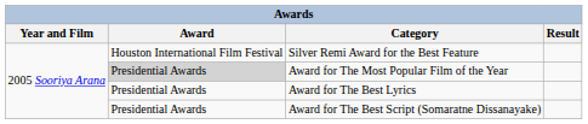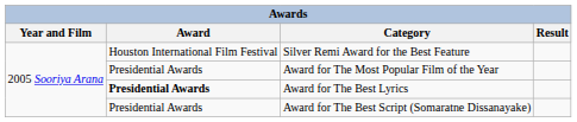 <table class="wikitable sortable">
 <tr style="background:#ccc; text-align:center;">
 <th colspan="5" style="background: LightSteelBlue;">Awards</th>
 </tr>
 <tr style="background:#ccc; text-align:center;">
 <th>Year and Film</th>
 <th>Award</th>
 <th>Category</th>
 <th>Result</th>
 </tr>
 <tr>
 <td rowspan=11>2005 <em><a href='#'>Sooriya Arana</a></em></td>
 <td>Houston International Film Festival</td>
 <td>Silver Remi Award for the Best Feature</td>
 <td></td>
 </tr>
 <tr>
-<td style="background: lightgrey;">Presidential Awards</td>
+<td>Presidential Awards</td>
 <td>Award for The Most Popular Film of the Year</td>
 <td></td>
 </tr>
 <tr>
-<td>Presidential Awards</td>
+<td><strong>Presidential Awards</strong></td>
 <td>Award for The Best Lyrics</td>
 <td></td>
 </tr>
 <tr>
 <td>Presidential Awards</td>
 <td>Award for The Best Script (Somaratne Dissanayake)</td>
 <td></td>
 </tr>
 </table>
